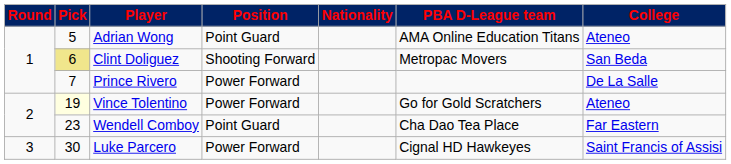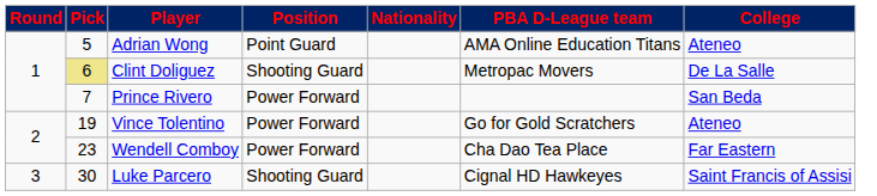 <table class="wikitable sortable sortable">
 <tr>
 <th style="background:#002366; color:#FE0003; ">Round</th>
 <th style="background:#002366; color:#FE0003; ">Pick</th>
 <th style="background:#002366; color:#FE0003; ">Player</th>
 <th style="background:#002366; color:#FE0003; ">Position</th>
 <th style="background:#002366; color:#FE0003; ">Nationality</th>
 <th style="background:#002366; color:#FE0003; ">PBA D-League team</th>
 <th style="background:#002366; color:#FE0003; ">College</th>
 </tr>
 <tr>
 <td rowspan=3 align=center>1</td>
 <td align=center>5</td>
 <td><a href='#'>Adrian Wong</a></td>
 <td>Point Guard</td>
 <td></td>
 <td>AMA Online Education Titans</td>
 <td><a href='#'>Ateneo</a></td>
 </tr>
 <tr>
 <td align=center style="background: khaki;">6</td>
 <td><a href='#'>Clint Doliguez</a></td>
-<td>Shooting Forward</td>
+<td>Shooting Guard</td>
 <td></td>
 <td>Metropac Movers</td>
-<td><a href='#'>San Beda</a></td>
+<td><a href='#'>De La Salle</a></td>
 </tr>
 <tr>
 <td align=center>7</td>
 <td><a href='#'>Prince Rivero</a></td>
 <td>Power Forward</td>
 <td></td>
 <td></td>
-<td><a href='#'>De La Salle</a></td>
+<td><a href='#'>San Beda</a></td>
 </tr>
 <tr>
 <td rowspan=2 align=center>2</td>
-<td align=center style="background: lightyellow;">19</td>
+<td align=center>19</td>
 <td><a href='#'>Vince Tolentino</a></td>
 <td>Power Forward</td>
 <td></td>
 <td>Go for Gold Scratchers</td>
 <td><a href='#'>Ateneo</a></td>
 </tr>
 <tr>
 <td align=center>23</td>
 <td><a href='#'>Wendell Comboy</a></td>
-<td>Point Guard</td>
+<td>Power Forward</td>
 <td></td>
 <td>Cha Dao Tea Place</td>
 <td><a href='#'>Far Eastern</a></td>
 </tr>
 <tr>
 <td align=center>3</td>
 <td align=center>30</td>
 <td><a href='#'>Luke Parcero</a></td>
-<td>Power Forward</td>
+<td>Shooting Guard</td>
 <td></td>
 <td>Cignal HD Hawkeyes</td>
 <td><a href='#'>Saint Francis of Assisi</a></td>
 </tr>
 </table>
